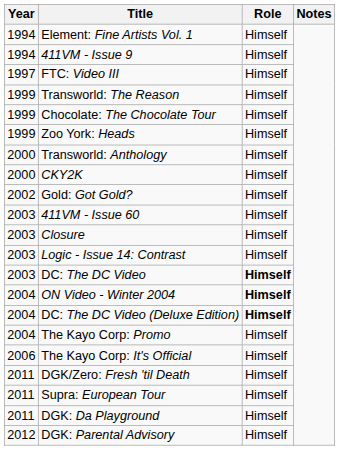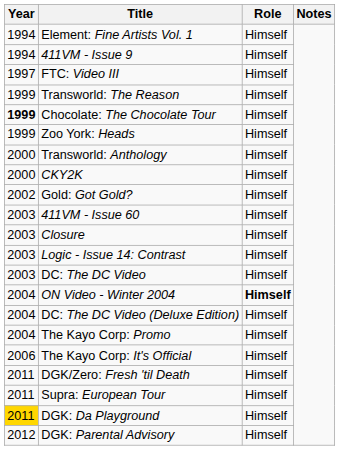 <table class="wikitable sortable">
 <tr>
 <th>Year</th>
 <th>Title</th>
 <th>Role</th>
 <th class="unsortable">Notes</th>
 </tr>
 <tr>
 <td>1994</td>
 <td>Element: <em>Fine Artists Vol. 1</em></td>
 <td>Himself</td>
 </tr>
 <tr>
 <td>1994</td>
 <td><em>411VM - Issue 9</em></td>
 <td>Himself</td>
 </tr>
 <tr>
 <td>1997</td>
 <td>FTC: <em>Video III</em></td>
 <td>Himself</td>
 </tr>
 <tr>
 <td>1999</td>
 <td>Transworld: <em>The Reason</em></td>
 <td>Himself</td>
 </tr>
 <tr>
-<td>1999</td>
+<td><strong>1999</strong></td>
 <td>Chocolate: <em>The Chocolate Tour</em></td>
 <td>Himself</td>
 </tr>
 <tr>
 <td>1999</td>
 <td>Zoo York: <em>Heads</em></td>
 <td>Himself</td>
 </tr>
 <tr>
 <td>2000</td>
 <td>Transworld: <em>Anthology</em></td>
 <td>Himself</td>
 </tr>
 <tr>
 <td>2000</td>
 <td><em>CKY2K</em></td>
 <td>Himself</td>
 </tr>
 <tr>
 <td>2002</td>
 <td>Gold: <em>Got Gold?</em></td>
 <td>Himself</td>
 </tr>
 <tr>
 <td>2003</td>
 <td><em>411VM - Issue 60</em></td>
 <td>Himself</td>
 </tr>
 <tr>
 <td>2003</td>
 <td><em>Closure</em></td>
 <td>Himself</td>
 </tr>
 <tr>
 <td>2003</td>
 <td><em>Logic - Issue 14: Contrast</em></td>
 <td>Himself</td>
 </tr>
 <tr>
 <td>2003</td>
 <td>DC: <em>The DC Video</em></td>
-<td><strong>Himself</strong></td>
+<td>Himself</td>
 </tr>
 <tr>
 <td>2004</td>
 <td><em>ON Video - Winter 2004</em></td>
 <td><strong>Himself</strong></td>
 </tr>
 <tr>
 <td>2004</td>
 <td>DC: <em>The DC Video (Deluxe Edition)</em></td>
-<td><strong>Himself</strong></td>
+<td>Himself</td>
 </tr>
 <tr>
 <td>2004</td>
 <td>The Kayo Corp: <em>Promo</em></td>
 <td>Himself</td>
 </tr>
 <tr>
 <td>2006</td>
 <td>The Kayo Corp: <em>It's Official</em></td>
 <td>Himself</td>
 </tr>
 <tr>
 <td>2011</td>
 <td>DGK/Zero: <em>Fresh 'til Death</em></td>
 <td>Himself</td>
 </tr>
 <tr>
 <td>2011</td>
 <td>Supra: <em>European Tour</em></td>
 <td>Himself</td>
 </tr>
 <tr>
-<td>2011</td>
+<td style="background: gold;">2011</td>
 <td>DGK: <em>Da Playground</em></td>
 <td>Himself</td>
 </tr>
 <tr>
 <td>2012</td>
 <td>DGK: <em>Parental Advisory</em></td>
 <td>Himself</td>
 </tr>
 </table>
